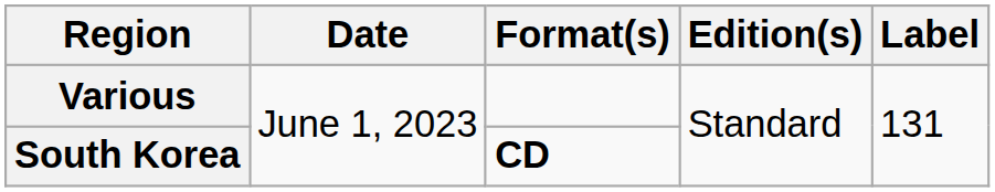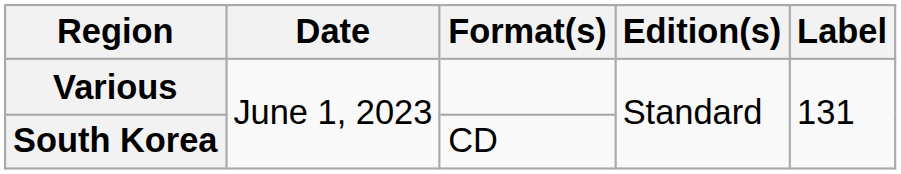 <table class="wikitable plainrowheaders">
 <tr>
 <th scope="col">Region</th>
 <th scope="col">Date</th>
 <th scope="col">Format(s)</th>
 <th scope="col">Edition(s)</th>
 <th scope="col">Label</th>
 </tr>
 <tr>
 <th scope="row">Various</th>
 <td rowspan="2">June 1, 2023</td>
 <td></td>
 <td rowspan="2">Standard</td>
 <td rowspan="2">131</td>
 </tr>
 <tr>
 <th scope="row">South Korea</th>
-<td><strong>CD</strong></td>
+<td>CD</td>
 </tr>
 </table>
